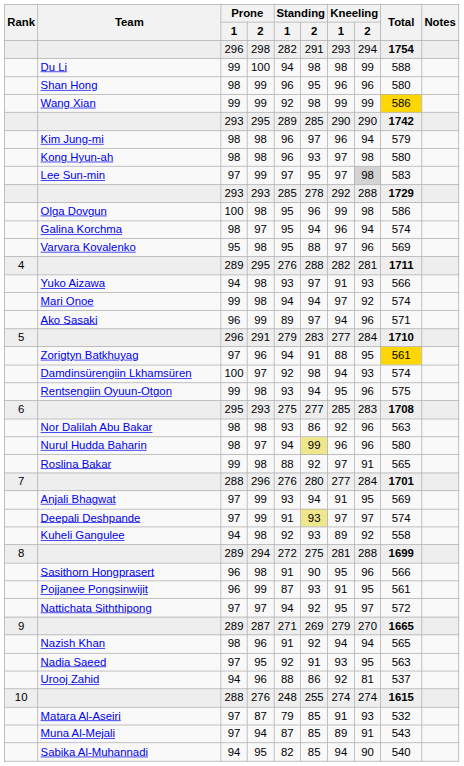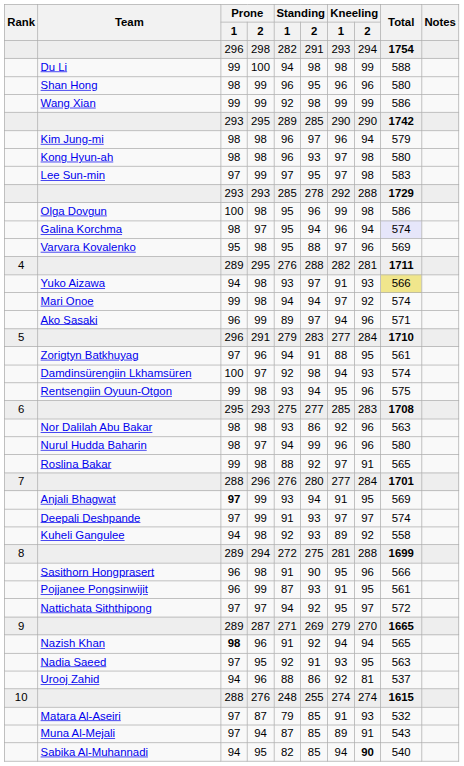 <table class="wikitable" style="text-align:center">
 <tr>
 <th rowspan=2 width=40>Rank</th>
 <th rowspan=2 width=250>Team</th>
 <th colspan=2>Prone</th>
 <th colspan=2>Standing</th>
 <th colspan=2>Kneeling</th>
 <th rowspan=2 width=50>Total</th>
 <th rowspan=2 width=45>Notes</th>
 </tr>
 <tr>
 <th width=30>1</th>
 <th width=30>2</th>
 <th width=30>1</th>
 <th width=30>2</th>
 <th width=30>1</th>
 <th width=30>2</th>
 </tr>
 <tr bgcolor=eeeeee>
 <td></td>
 <td align=left></td>
 <td>296</td>
 <td>298</td>
 <td>282</td>
 <td>291</td>
 <td>293</td>
 <td>294</td>
 <td><strong>1754</strong></td>
 <td></td>
 </tr>
 <tr>
 <td></td>
 <td align=left><a href='#'>Du Li</a></td>
 <td>99</td>
 <td>100</td>
 <td>94</td>
 <td>98</td>
 <td>98</td>
 <td>99</td>
 <td>588</td>
 <td></td>
 </tr>
 <tr>
 <td></td>
 <td align=left><a href='#'>Shan Hong</a></td>
 <td>98</td>
 <td>99</td>
 <td>96</td>
 <td>95</td>
 <td>96</td>
 <td>96</td>
 <td>580</td>
 <td></td>
 </tr>
 <tr>
 <td></td>
 <td align=left><a href='#'>Wang Xian</a></td>
 <td>99</td>
 <td>99</td>
 <td>92</td>
 <td>98</td>
 <td>99</td>
 <td>99</td>
-<td style="background: gold;">586</td>
+<td>586</td>
 <td></td>
 </tr>
 <tr bgcolor=eeeeee>
 <td></td>
 <td align=left></td>
 <td>293</td>
 <td>295</td>
 <td>289</td>
 <td>285</td>
 <td>290</td>
 <td>290</td>
 <td><strong>1742</strong></td>
 <td></td>
 </tr>
 <tr>
 <td></td>
 <td align=left><a href='#'>Kim Jung-mi</a></td>
 <td>98</td>
 <td>98</td>
 <td>96</td>
 <td>97</td>
 <td>96</td>
 <td>94</td>
 <td>579</td>
 <td></td>
 </tr>
 <tr>
 <td></td>
 <td align=left><a href='#'>Kong Hyun-ah</a></td>
 <td>98</td>
 <td>98</td>
 <td>96</td>
 <td>93</td>
 <td>97</td>
 <td>98</td>
 <td>580</td>
 <td></td>
 </tr>
 <tr>
 <td></td>
 <td align=left><a href='#'>Lee Sun-min</a></td>
 <td>97</td>
 <td>99</td>
 <td>97</td>
 <td>95</td>
 <td>97</td>
-<td style="background: lightgrey;">98</td>
+<td>98</td>
 <td>583</td>
 <td></td>
 </tr>
 <tr bgcolor=eeeeee>
 <td></td>
 <td align=left></td>
 <td>293</td>
 <td>293</td>
 <td>285</td>
 <td>278</td>
 <td>292</td>
 <td>288</td>
 <td><strong>1729</strong></td>
 <td></td>
 </tr>
 <tr>
 <td></td>
 <td align=left><a href='#'>Olga Dovgun</a></td>
 <td>100</td>
 <td>98</td>
 <td>95</td>
 <td>96</td>
 <td>99</td>
 <td>98</td>
 <td>586</td>
 <td></td>
 </tr>
 <tr>
 <td></td>
 <td align=left><a href='#'>Galina Korchma</a></td>
 <td>98</td>
 <td>97</td>
 <td>95</td>
 <td>94</td>
 <td>96</td>
 <td>94</td>
-<td>574</td>
+<td style="background: lavender;">574</td>
 <td></td>
 </tr>
 <tr>
 <td></td>
 <td align=left><a href='#'>Varvara Kovalenko</a></td>
 <td>95</td>
 <td>98</td>
 <td>95</td>
 <td>88</td>
 <td>97</td>
 <td>96</td>
 <td>569</td>
 <td></td>
 </tr>
 <tr bgcolor=eeeeee>
 <td>4</td>
 <td align=left></td>
 <td>289</td>
 <td>295</td>
 <td>276</td>
 <td>288</td>
 <td>282</td>
 <td>281</td>
 <td><strong>1711</strong></td>
 <td></td>
 </tr>
 <tr>
 <td></td>
 <td align=left><a href='#'>Yuko Aizawa</a></td>
 <td>94</td>
 <td>98</td>
 <td>93</td>
 <td>97</td>
 <td>91</td>
 <td>93</td>
-<td>566</td>
+<td style="background: khaki;">566</td>
 <td></td>
 </tr>
 <tr>
 <td></td>
 <td align=left><a href='#'>Mari Onoe</a></td>
 <td>99</td>
 <td>98</td>
 <td>94</td>
 <td>94</td>
 <td>97</td>
 <td>92</td>
 <td>574</td>
 <td></td>
 </tr>
 <tr>
 <td></td>
 <td align=left><a href='#'>Ako Sasaki</a></td>
 <td>96</td>
 <td>99</td>
 <td>89</td>
 <td>97</td>
 <td>94</td>
 <td>96</td>
 <td>571</td>
 <td></td>
 </tr>
 <tr bgcolor=eeeeee>
 <td>5</td>
 <td align=left></td>
 <td>296</td>
 <td>291</td>
 <td>279</td>
 <td>283</td>
 <td>277</td>
 <td>284</td>
 <td><strong>1710</strong></td>
 <td></td>
 </tr>
 <tr>
 <td></td>
 <td align=left><a href='#'>Zorigtyn Batkhuyag</a></td>
 <td>97</td>
 <td>96</td>
 <td>94</td>
 <td>91</td>
 <td>88</td>
 <td>95</td>
-<td style="background: gold;">561</td>
+<td>561</td>
 <td></td>
 </tr>
 <tr>
 <td></td>
 <td align=left><a href='#'>Damdinsürengiin Lkhamsüren</a></td>
 <td>100</td>
 <td>97</td>
 <td>92</td>
 <td>98</td>
 <td>94</td>
 <td>93</td>
 <td>574</td>
 <td></td>
 </tr>
 <tr>
 <td></td>
 <td align=left><a href='#'>Rentsengiin Oyuun-Otgon</a></td>
 <td>99</td>
 <td>98</td>
 <td>93</td>
 <td>94</td>
 <td>95</td>
 <td>96</td>
 <td>575</td>
 <td></td>
 </tr>
 <tr bgcolor=eeeeee>
 <td>6</td>
 <td align=left></td>
 <td>295</td>
 <td>293</td>
 <td>275</td>
 <td>277</td>
 <td>285</td>
 <td>283</td>
 <td><strong>1708</strong></td>
 <td></td>
 </tr>
 <tr>
 <td></td>
 <td align=left><a href='#'>Nor Dalilah Abu Bakar</a></td>
 <td>98</td>
 <td>98</td>
 <td>93</td>
 <td>86</td>
 <td>92</td>
 <td>96</td>
 <td>563</td>
 <td></td>
 </tr>
 <tr>
 <td></td>
 <td align=left><a href='#'>Nurul Hudda Baharin</a></td>
 <td>98</td>
 <td>97</td>
 <td>94</td>
-<td style="background: khaki;">99</td>
+<td>99</td>
 <td>96</td>
 <td>96</td>
 <td>580</td>
 <td></td>
 </tr>
 <tr>
 <td></td>
 <td align=left><a href='#'>Roslina Bakar</a></td>
 <td>99</td>
 <td>98</td>
 <td>88</td>
 <td>92</td>
 <td>97</td>
 <td>91</td>
 <td>565</td>
 <td></td>
 </tr>
 <tr bgcolor=eeeeee>
 <td>7</td>
 <td align=left></td>
 <td>288</td>
 <td>296</td>
 <td>276</td>
 <td>280</td>
 <td>277</td>
 <td>284</td>
 <td><strong>1701</strong></td>
 <td></td>
 </tr>
 <tr>
 <td></td>
 <td align=left><a href='#'>Anjali Bhagwat</a></td>
-<td>97</td>
+<td><strong>97</strong></td>
 <td>99</td>
 <td>93</td>
 <td>94</td>
 <td>91</td>
 <td>95</td>
 <td>569</td>
 <td></td>
 </tr>
 <tr>
 <td></td>
 <td align=left><a href='#'>Deepali Deshpande</a></td>
 <td>97</td>
 <td>99</td>
 <td>91</td>
-<td style="background: khaki;">93</td>
+<td>93</td>
 <td>97</td>
 <td>97</td>
 <td>574</td>
 <td></td>
 </tr>
 <tr>
 <td></td>
 <td align=left><a href='#'>Kuheli Gangulee</a></td>
 <td>94</td>
 <td>98</td>
 <td>92</td>
 <td>93</td>
 <td>89</td>
 <td>92</td>
 <td>558</td>
 <td></td>
 </tr>
 <tr bgcolor=eeeeee>
 <td>8</td>
 <td align=left></td>
 <td>289</td>
 <td>294</td>
 <td>272</td>
 <td>275</td>
 <td>281</td>
 <td>288</td>
 <td><strong>1699</strong></td>
 <td></td>
 </tr>
 <tr>
 <td></td>
 <td align=left><a href='#'>Sasithorn Hongprasert</a></td>
 <td>96</td>
 <td>98</td>
 <td>91</td>
 <td>90</td>
 <td>95</td>
 <td>96</td>
 <td>566</td>
 <td></td>
 </tr>
 <tr>
 <td></td>
 <td align=left><a href='#'>Pojjanee Pongsinwijit</a></td>
 <td>96</td>
 <td>99</td>
 <td>87</td>
 <td>93</td>
 <td>91</td>
 <td>95</td>
 <td>561</td>
 <td></td>
 </tr>
 <tr>
 <td></td>
 <td align=left><a href='#'>Nattichata Siththipong</a></td>
 <td>97</td>
 <td>97</td>
 <td>94</td>
 <td>92</td>
 <td>95</td>
 <td>97</td>
 <td>572</td>
 <td></td>
 </tr>
 <tr bgcolor=eeeeee>
 <td>9</td>
 <td align=left></td>
 <td>289</td>
 <td>287</td>
 <td>271</td>
 <td>269</td>
 <td>279</td>
 <td>270</td>
 <td><strong>1665</strong></td>
 <td></td>
 </tr>
 <tr>
 <td></td>
 <td align=left><a href='#'>Nazish Khan</a></td>
-<td>98</td>
+<td><strong>98</strong></td>
 <td>96</td>
 <td>91</td>
 <td>92</td>
 <td>94</td>
 <td>94</td>
 <td>565</td>
 <td></td>
 </tr>
 <tr>
 <td></td>
 <td align=left><a href='#'>Nadia Saeed</a></td>
 <td>97</td>
 <td>95</td>
 <td>92</td>
 <td>91</td>
 <td>93</td>
 <td>95</td>
 <td>563</td>
 <td></td>
 </tr>
 <tr>
 <td></td>
 <td align=left><a href='#'>Urooj Zahid</a></td>
 <td>94</td>
 <td>96</td>
 <td>88</td>
 <td>86</td>
 <td>92</td>
 <td>81</td>
 <td>537</td>
 <td></td>
 </tr>
 <tr bgcolor=eeeeee>
 <td>10</td>
 <td align=left></td>
 <td>288</td>
 <td>276</td>
 <td>248</td>
 <td>255</td>
 <td>274</td>
 <td>274</td>
 <td><strong>1615</strong></td>
 <td></td>
 </tr>
 <tr>
 <td></td>
 <td align=left><a href='#'>Matara Al-Aseiri</a></td>
 <td>97</td>
 <td>87</td>
 <td>79</td>
 <td>85</td>
 <td>91</td>
 <td>93</td>
 <td>532</td>
 <td></td>
 </tr>
 <tr>
 <td></td>
 <td align=left><a href='#'>Muna Al-Mejali</a></td>
 <td>97</td>
 <td>94</td>
 <td>87</td>
 <td>85</td>
 <td>89</td>
 <td>91</td>
 <td>543</td>
 <td></td>
 </tr>
 <tr>
 <td></td>
 <td align=left><a href='#'>Sabika Al-Muhannadi</a></td>
 <td>94</td>
 <td>95</td>
 <td>82</td>
 <td>85</td>
 <td>94</td>
-<td>90</td>
+<td><strong>90</strong></td>
 <td>540</td>
 <td></td>
 </tr>
 </table>
